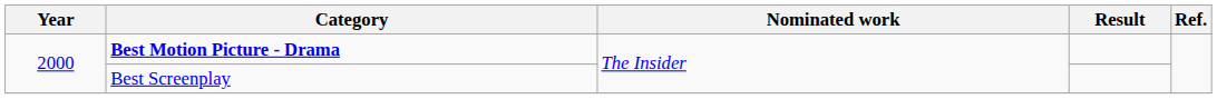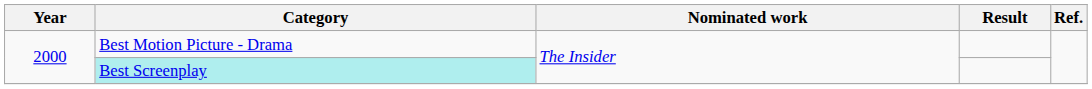 <table class=wikitable>
 <tr>
 <th scope="col" style="width:5em;">Year</th>
 <th scope="col" style="width:26em;">Category</th>
 <th scope="col" style="width:25em;">Nominated work</th>
 <th scope="col" style="width:5em;">Result</th>
 <th>Ref.</th>
 </tr>
 <tr>
 <td style="text-align:center;", rowspan=2><a href='#'>2000</a></td>
-<td><strong><a href='#'>Best Motion Picture - Drama</a></strong></td>
+<td><a href='#'>Best Motion Picture - Drama</a></td>
 <td rowspan=2><em><a href='#'>The Insider</a></em></td>
 <td></td>
 <td rowspan=2></td>
 </tr>
 <tr>
-<td><a href='#'>Best Screenplay</a></td>
+<td style="background: paleturquoise;"><a href='#'>Best Screenplay</a></td>
 <td></td>
 </tr>
 <tr>
 </tr>
 </table>
